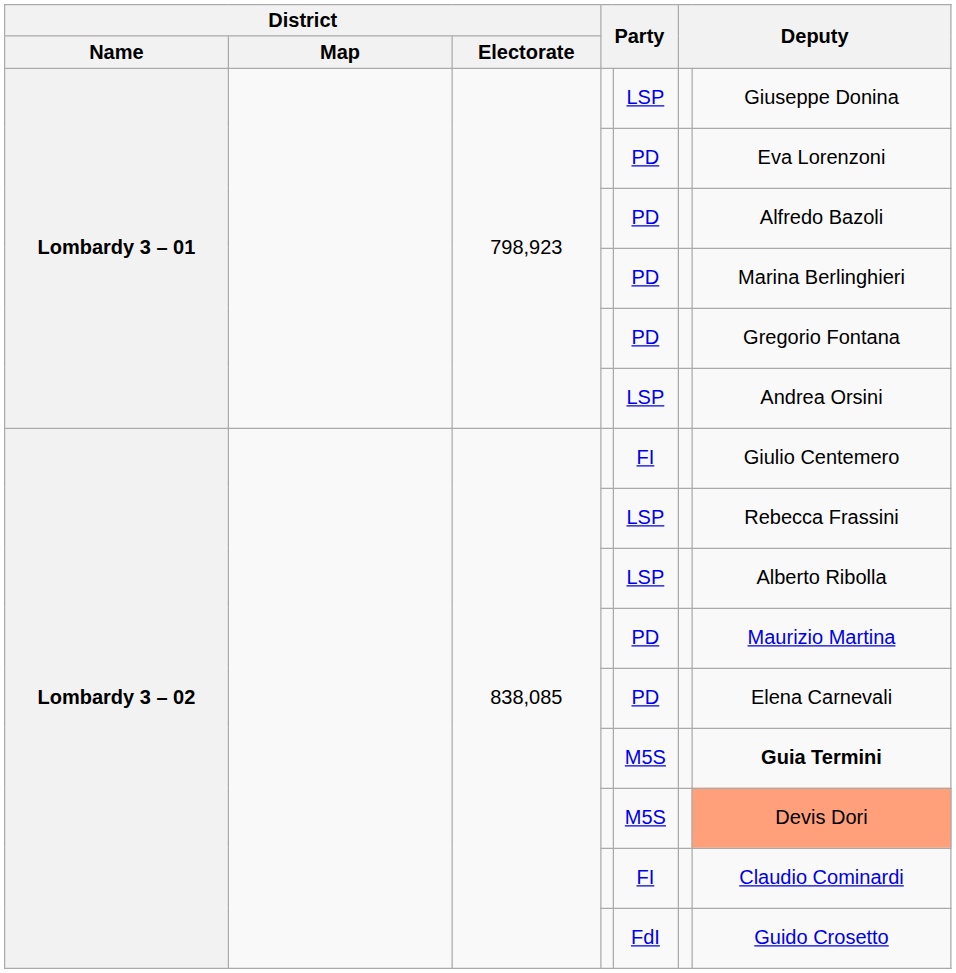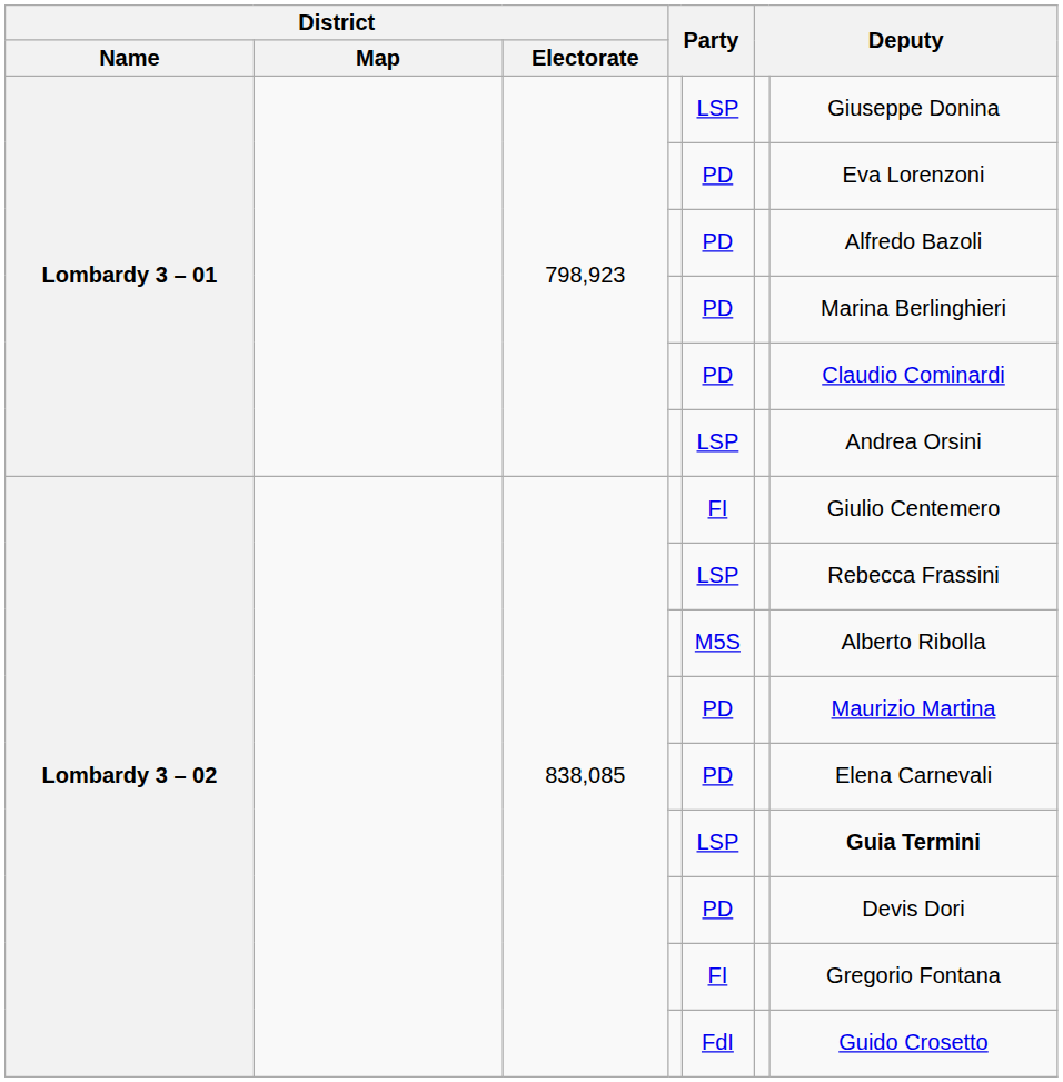 <table class="wikitable" style="text-align:center; style="width=60%">
 <tr>
 <th width=35% colspan="3">District</th>
 <th width=6% colspan="2" rowspan="2">Party</th>
 <th width=22% colspan="2" rowspan="2">Deputy</th>
 </tr>
 <tr>
 <th width=18%>Name</th>
 <th width=18%>Map</th>
 <th width=12%>Electorate</th>
 </tr>
 <tr style="height:3em;">
 <th rowspan="6">Lombardy 3 – 01</th>
 <td rowspan="6"></td>
 <td rowspan="6">798,923</td>
 <td style="background:"></td>
 <td><a href='#'>LSP</a></td>
 <td></td>
 <td>Giuseppe Donina</td>
 </tr>
 <tr style="height:3em;">
 <td style="background:"></td>
 <td><a href='#'>PD</a></td>
 <td></td>
 <td>Eva Lorenzoni</td>
 </tr>
 <tr style="height:3em;">
 <td style="background:"></td>
 <td><a href='#'>PD</a></td>
 <td></td>
 <td>Alfredo Bazoli</td>
 </tr>
 <tr style="height:3em;">
 <td style="background:"></td>
 <td><a href='#'>PD</a></td>
 <td></td>
 <td>Marina Berlinghieri</td>
 </tr>
 <tr style="height:3em;">
 <td style="background:"></td>
 <td><a href='#'>PD</a></td>
 <td></td>
-<td>Gregorio Fontana</td>
+<td><a href='#'>Claudio Cominardi</a></td>
 </tr>
 <tr style="height:3em;">
 <td style="background:"></td>
 <td><a href='#'>LSP</a></td>
 <td></td>
 <td>Andrea Orsini</td>
 </tr>
 <tr style="height:3em;">
 <th rowspan="9">Lombardy 3 – 02</th>
 <td rowspan="9"></td>
 <td rowspan="9">838,085</td>
 <td style="background:"></td>
 <td><a href='#'>FI</a></td>
 <td></td>
 <td>Giulio Centemero</td>
 </tr>
 <tr style="height:3em;">
 <td style="background:"></td>
 <td><a href='#'>LSP</a></td>
 <td></td>
 <td>Rebecca Frassini</td>
 </tr>
 <tr style="height:3em;">
 <td style="background:"></td>
-<td><a href='#'>LSP</a></td>
+<td><a href='#'>M5S</a></td>
 <td></td>
 <td>Alberto Ribolla</td>
 </tr>
 <tr style="height:3em;">
 <td style="background:"></td>
 <td><a href='#'>PD</a></td>
 <td></td>
 <td><a href='#'>Maurizio Martina</a></td>
 </tr>
 <tr style="height:3em;">
 <td style="background:"></td>
 <td><a href='#'>PD</a></td>
 <td></td>
 <td>Elena Carnevali</td>
 </tr>
 <tr style="height:3em;">
 <td style="background:"></td>
-<td><a href='#'>M5S</a></td>
+<td><a href='#'>LSP</a></td>
 <td></td>
 <td><strong>Guia Termini</strong></td>
 </tr>
 <tr style="height:3em;">
 <td style="background:"></td>
-<td><a href='#'>M5S</a></td>
+<td><a href='#'>PD</a></td>
 <td></td>
-<td style="background: lightsalmon;">Devis Dori</td>
+<td>Devis Dori</td>
 </tr>
 <tr style="height:3em;">
 <td style="background:"></td>
 <td><a href='#'>FI</a></td>
 <td></td>
-<td><a href='#'>Claudio Cominardi</a></td>
+<td>Gregorio Fontana</td>
 </tr>
 <tr style="height:3em;">
 <td style="background:"></td>
 <td><a href='#'>FdI</a></td>
 <td></td>
 <td><a href='#'>Guido Crosetto</a></td>
 </tr>
 </table>
